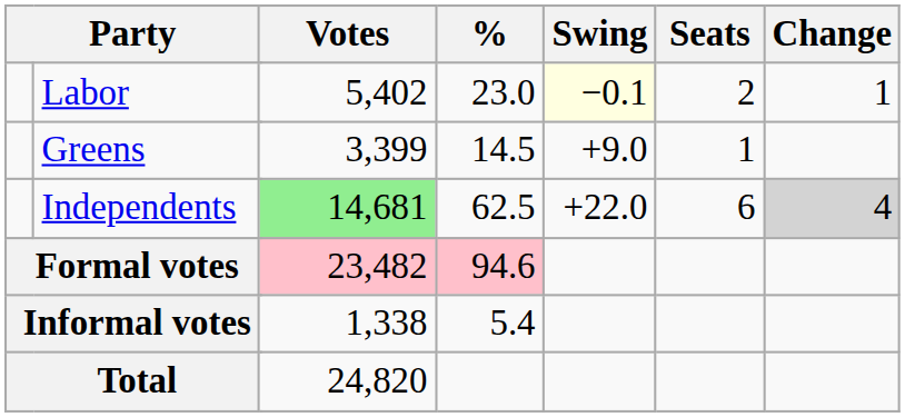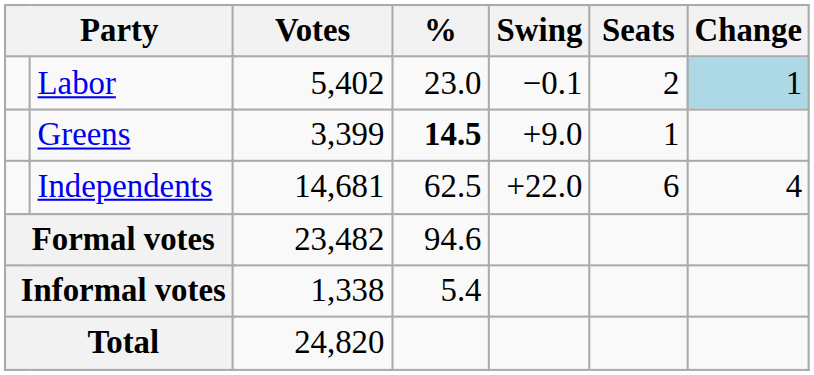 <table class="wikitable" style="text-align:right; margin-bottom:0">
 <tr>
 <th style="width:10px" colspan=3>Party</th>
 <th style="width:70px;">Votes</th>
 <th style="width:40px;">%</th>
 <th style="width:40px;">Swing</th>
 <th style="width:40px;">Seats</th>
 <th style="width:40px;">Change</th>
 </tr>
 <tr>
 <td> </td>
 <td style="text-align:left;" colspan="2"><a href='#'>Labor</a></td>
 <td>5,402</td>
 <td>23.0</td>
-<td style="background: lightyellow;">−0.1</td>
+<td>−0.1</td>
 <td>2</td>
-<td> 1</td>
+<td style="background: lightblue;"> 1</td>
 </tr>
 <tr>
 <td> </td>
 <td style="text-align:left;" colspan="2"><a href='#'>Greens</a></td>
 <td>3,399</td>
-<td>14.5</td>
+<td><strong>14.5</strong></td>
 <td>+9.0</td>
 <td>1</td>
 <td></td>
 </tr>
 <tr>
 <td> </td>
 <td style="text-align:left;" colspan="2"><a href='#'>Independents</a></td>
-<td style="background: lightgreen;">14,681</td>
+<td>14,681</td>
 <td>62.5</td>
 <td>+22.0</td>
 <td>6</td>
-<td style="background: lightgrey;"> 4</td>
+<td> 4</td>
 </tr>
 <tr>
 <th colspan="3" rowspan="1"> Formal votes</th>
-<td style="background: pink;">23,482</td>
-<td style="background: pink;">94.6</td>
+<td>23,482</td>
+<td>94.6</td>
 <td></td>
 <td></td>
 <td></td>
 </tr>
 <tr>
 <th colspan="3" rowspan="1"> Informal votes</th>
 <td>1,338</td>
 <td>5.4</td>
 <td></td>
 <td></td>
 <td></td>
 </tr>
 <tr>
 <th colspan="3" rowspan="1"> <strong>Total </strong></th>
 <td>24,820</td>
 <td></td>
 <td></td>
 <td></td>
 <td></td>
 </tr>
 </table>
